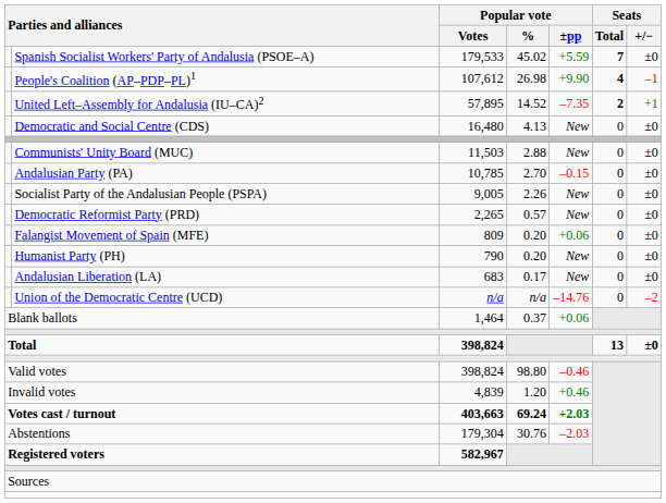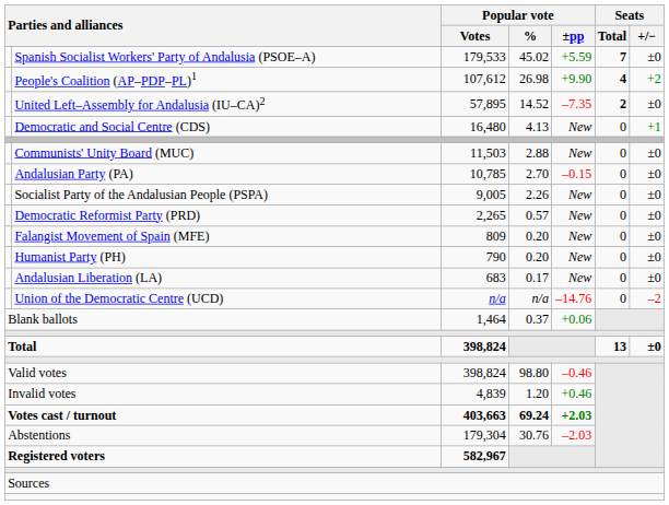 <table class="wikitable" style="text-align:right;">
 <tr>
 <th style="text-align:left;" rowspan="2" colspan="2" width="525">Parties and alliances</th>
 <th colspan="3">Popular vote</th>
 <th colspan="2">Seats</th>
 </tr>
 <tr>
 <th width="75">Votes</th>
 <th width="45">%</th>
 <th width="45">±<a href='#'>pp</a></th>
 <th width="35">Total</th>
 <th width="35">+/−</th>
 </tr>
 <tr>
 <td width="1" style="color:inherit;background:"></td>
 <td align="left"><a href='#'>Spanish Socialist Workers' Party of Andalusia</a> (PSOE–A)</td>
 <td>179,533</td>
 <td>45.02</td>
 <td style="color:green;">+5.59</td>
 <td><strong>7</strong></td>
 <td>±0</td>
 </tr>
 <tr>
 <td style="color:inherit;background:"></td>
 <td align="left"><a href='#'>People's Coalition</a> (<a href='#'>AP</a>–<a href='#'>PDP</a>–<a href='#'>PL</a>)<sup>1</sup></td>
 <td>107,612</td>
 <td>26.98</td>
 <td style="color:green;">+9.90</td>
 <td><strong>4</strong></td>
-<td style="color:red;">–1</td>
+<td style="color:green;">+2</td>
 </tr>
 <tr>
 <td style="color:inherit;background:"></td>
 <td align="left"><a href='#'>United Left–Assembly for Andalusia</a> (IU–CA)<sup>2</sup></td>
 <td>57,895</td>
 <td>14.52</td>
 <td style="color:red;">–7.35</td>
 <td><strong>2</strong></td>
-<td style="color:green;">+1</td>
+<td>±0</td>
 </tr>
 <tr>
 <td style="color:inherit;background:"></td>
 <td align="left"><a href='#'>Democratic and Social Centre</a> (CDS)</td>
 <td>16,480</td>
 <td>4.13</td>
 <td><em>New</em></td>
 <td>0</td>
-<td>±0</td>
+<td style="color:green;">+1</td>
 </tr>
 <tr>
 <td colspan="7" bgcolor="#C0C0C0"></td>
 </tr>
 <tr>
 <td style="color:inherit;background:"></td>
 <td align="left"><a href='#'>Communists' Unity Board</a> (MUC)</td>
 <td>11,503</td>
 <td>2.88</td>
 <td><em>New</em></td>
 <td>0</td>
 <td>±0</td>
 </tr>
 <tr>
 <td style="color:inherit;background:"></td>
 <td align="left"><a href='#'>Andalusian Party</a> (PA)</td>
 <td>10,785</td>
 <td>2.70</td>
 <td style="color:red;">–0.15</td>
 <td>0</td>
 <td>±0</td>
 </tr>
 <tr>
 <td style="color:inherit;background:"></td>
 <td align="left">Socialist Party of the Andalusian People (PSPA)</td>
 <td>9,005</td>
 <td>2.26</td>
 <td><em>New</em></td>
 <td>0</td>
 <td>±0</td>
 </tr>
 <tr>
 <td style="color:inherit;background:"></td>
 <td align="left"><a href='#'>Democratic Reformist Party</a> (PRD)</td>
 <td>2,265</td>
 <td>0.57</td>
 <td><em>New</em></td>
 <td>0</td>
 <td>±0</td>
 </tr>
 <tr>
 <td style="color:inherit;background:"></td>
 <td align="left"><a href='#'>Falangist Movement of Spain</a> (MFE)</td>
 <td>809</td>
 <td>0.20</td>
-<td style="color:green;">+0.06</td>
+<td><em>New</em></td>
 <td>0</td>
 <td>±0</td>
 </tr>
 <tr>
 <td style="color:inherit;background:"></td>
 <td align="left"><a href='#'>Humanist Party</a> (PH)</td>
 <td>790</td>
 <td>0.20</td>
 <td><em>New</em></td>
 <td>0</td>
 <td>±0</td>
 </tr>
 <tr>
 <td style="color:inherit;background:"></td>
 <td align="left"><a href='#'>Andalusian Liberation</a> (LA)</td>
 <td>683</td>
 <td>0.17</td>
 <td><em>New</em></td>
 <td>0</td>
 <td>±0</td>
 </tr>
 <tr>
 <td style="color:inherit;background:"></td>
 <td align="left"><a href='#'>Union of the Democratic Centre</a> (UCD)</td>
 <td><em><a href='#'>n/a</a></em></td>
 <td><em>n/a</em></td>
 <td style="color:red;">–14.76</td>
 <td>0</td>
 <td style="color:red;">–2</td>
 </tr>
 <tr>
 <td align="left" colspan="2">Blank ballots</td>
 <td>1,464</td>
 <td>0.37</td>
 <td style="color:green;">+0.06</td>
 <td bgcolor="#E9E9E9" colspan="2"></td>
 </tr>
 <tr>
 <td colspan="7" bgcolor="#E9E9E9"></td>
 </tr>
 <tr style="font-weight:bold;">
 <td align="left" colspan="2">Total</td>
 <td>398,824</td>
 <td bgcolor="#E9E9E9" colspan="2"></td>
 <td>13</td>
 <td>±0</td>
 </tr>
 <tr>
 <td colspan="7" bgcolor="#E9E9E9"></td>
 </tr>
 <tr>
 <td align="left" colspan="2">Valid votes</td>
 <td>398,824</td>
 <td>98.80</td>
 <td style="color:red;">–0.46</td>
 <td bgcolor="#E9E9E9" colspan="2" rowspan="5"></td>
 </tr>
 <tr>
 <td align="left" colspan="2">Invalid votes</td>
 <td>4,839</td>
 <td>1.20</td>
 <td style="color:green;">+0.46</td>
 </tr>
 <tr style="font-weight:bold;">
 <td align="left" colspan="2">Votes cast / turnout</td>
 <td>403,663</td>
 <td>69.24</td>
 <td style="color:green;">+2.03</td>
 </tr>
 <tr>
 <td align="left" colspan="2">Abstentions</td>
 <td>179,304</td>
 <td>30.76</td>
 <td style="color:red;">–2.03</td>
 </tr>
 <tr style="font-weight:bold;">
 <td align="left" colspan="2">Registered voters</td>
 <td>582,967</td>
 <td bgcolor="#E9E9E9" colspan="2"></td>
 </tr>
 <tr>
 <td colspan="7" bgcolor="#E9E9E9"></td>
 </tr>
 <tr>
 <td align="left" colspan="7">Sources</td>
 </tr>
 <tr>
 <td colspan="7" style="text-align:left; max-width:790px;"></td>
 </tr>
 </table>
